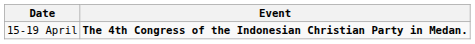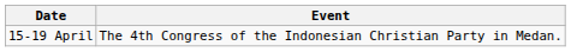 <table class="wikitable">
 <tr>
 <th>Date</th>
 <th>Event</th>
 </tr>
 <tr>
 <td>15-19 April</td>
-<td><strong>The 4th Congress of the Indonesian Christian Party in Medan.</strong></td>
+<td>The 4th Congress of the Indonesian Christian Party in Medan.</td>
 </tr>
 </table>
